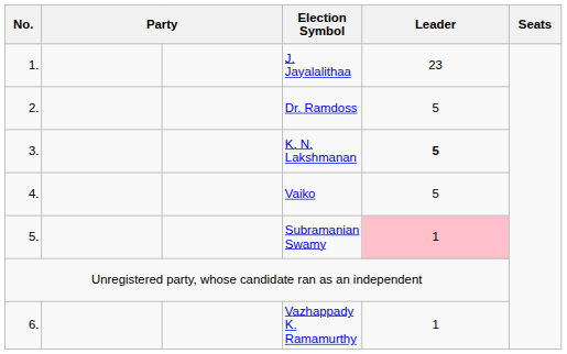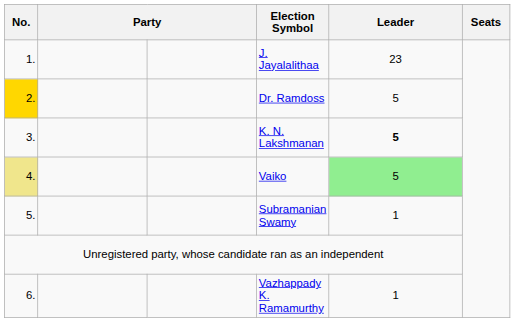 <table class="wikitable">
 <tr style="height: 50px;">
 <th scope="col" style="width:40px;">No.<br></th>
 <th scope="col" style="width:300px;"colspan="2">Party</th>
 <th scope="col" style="width:80px;">Election Symbol</th>
 <th scope="col" style="width:180px;">Leader</th>
 <th scope="col" style="width:60px;">Seats</th>
 </tr>
 <tr style="height: 55px;">
 <td style="text-align:right;">1.</td>
 <td></td>
 <td style="text-align:center;"></td>
 <td><a href='#'>J. Jayalalithaa</a></td>
 <td style="text-align:center;">23</td>
 </tr>
 <tr style="height: 55px;">
-<td style="text-align:right;">2.</td>
+<td style="background: gold; text-align:right;">2.</td>
 <td></td>
 <td style="text-align:center;"></td>
 <td><a href='#'>Dr. Ramdoss</a></td>
 <td style="text-align:center;">5</td>
 </tr>
 <tr style="height: 55px;">
 <td style="text-align:right;">3.</td>
 <td></td>
 <td style="text-align:center;"></td>
 <td><a href='#'>K. N. Lakshmanan</a></td>
 <td style="text-align:center;"><strong>5</strong></td>
 </tr>
 <tr style="height: 55px;">
-<td style="text-align:right;">4.</td>
+<td style="background: khaki; text-align:right;">4.</td>
 <td></td>
 <td style="text-align:center;"></td>
 <td><a href='#'>Vaiko</a></td>
-<td style="text-align:center;">5</td>
+<td style="background: lightgreen; text-align:center;">5</td>
 </tr>
 <tr style="height: 55px;">
 <td style="text-align:right;">5.</td>
 <td></td>
 <td style="text-align:center;"></td>
 <td><a href='#'>Subramanian Swamy</a></td>
-<td style="background: pink; text-align:center;">1</td>
+<td style="text-align:center;">1</td>
 </tr>
 <tr style="height: 55px;">
 <td colspan = "5" align = "center">Unregistered party, whose candidate ran as an independent</td>
 </tr>
 <tr style="height: 55px;">
 <td style="text-align:right;">6.</td>
 <td></td>
 <td style="text-align:center;"></td>
 <td><a href='#'>Vazhappady K. Ramamurthy</a></td>
 <td style="text-align:center;">1</td>
 </tr>
 </table>
